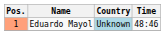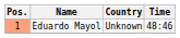 <table class="wikitable sortable">
 <tr>
 <th>Pos.</th>
 <th>Name</th>
 <th>Country</th>
 <th>Time</th>
 </tr>
 <tr>
 <td align="center" style="background: lightsalmon;">1</td>
 <td>Eduardo Mayol</td>
-<td style="background: lightblue;">Unknown</td>
+<td>Unknown</td>
 <td align="right">48:46</td>
 </tr>
 <tr>
 </tr>
 </table>
